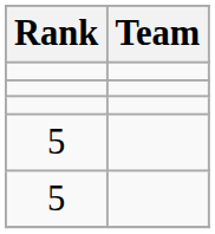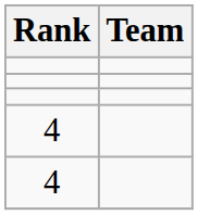 <table class="wikitable" border="1">
 <tr>
 <th>Rank</th>
 <th>Team</th>
 </tr>
 <tr>
 <td align=center></td>
 <td></td>
 </tr>
 <tr>
 <td align=center></td>
 <td></td>
 </tr>
 <tr>
 <td align=center></td>
 <td></td>
 </tr>
 <tr>
-<td align=center>5</td>
+<td align=center>4</td>
 <td></td>
 </tr>
 <tr>
-<td align=center>5</td>
+<td align=center>4</td>
 <td></td>
 </tr>
 <tr>
 </tr>
 </table>
